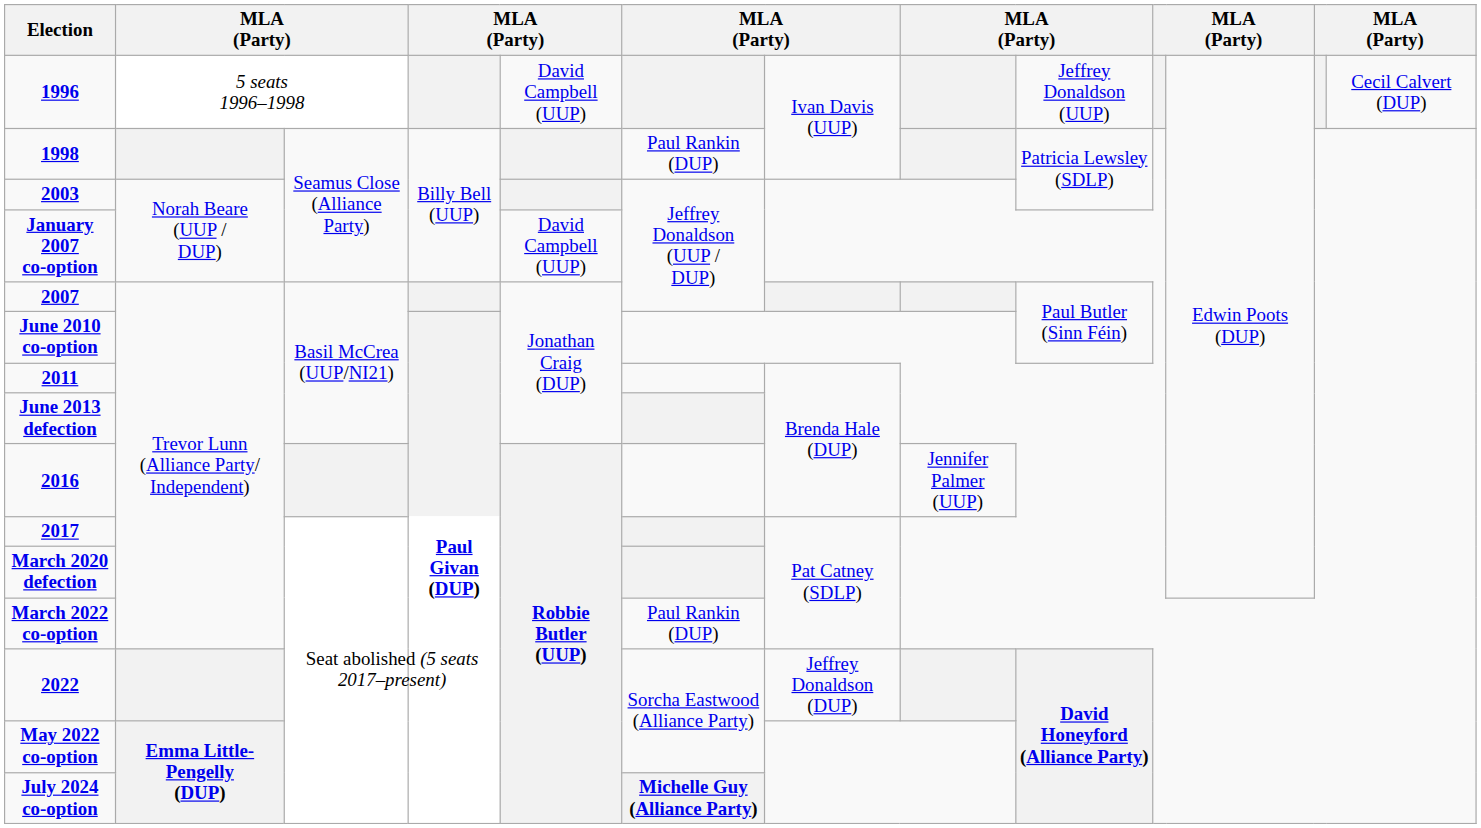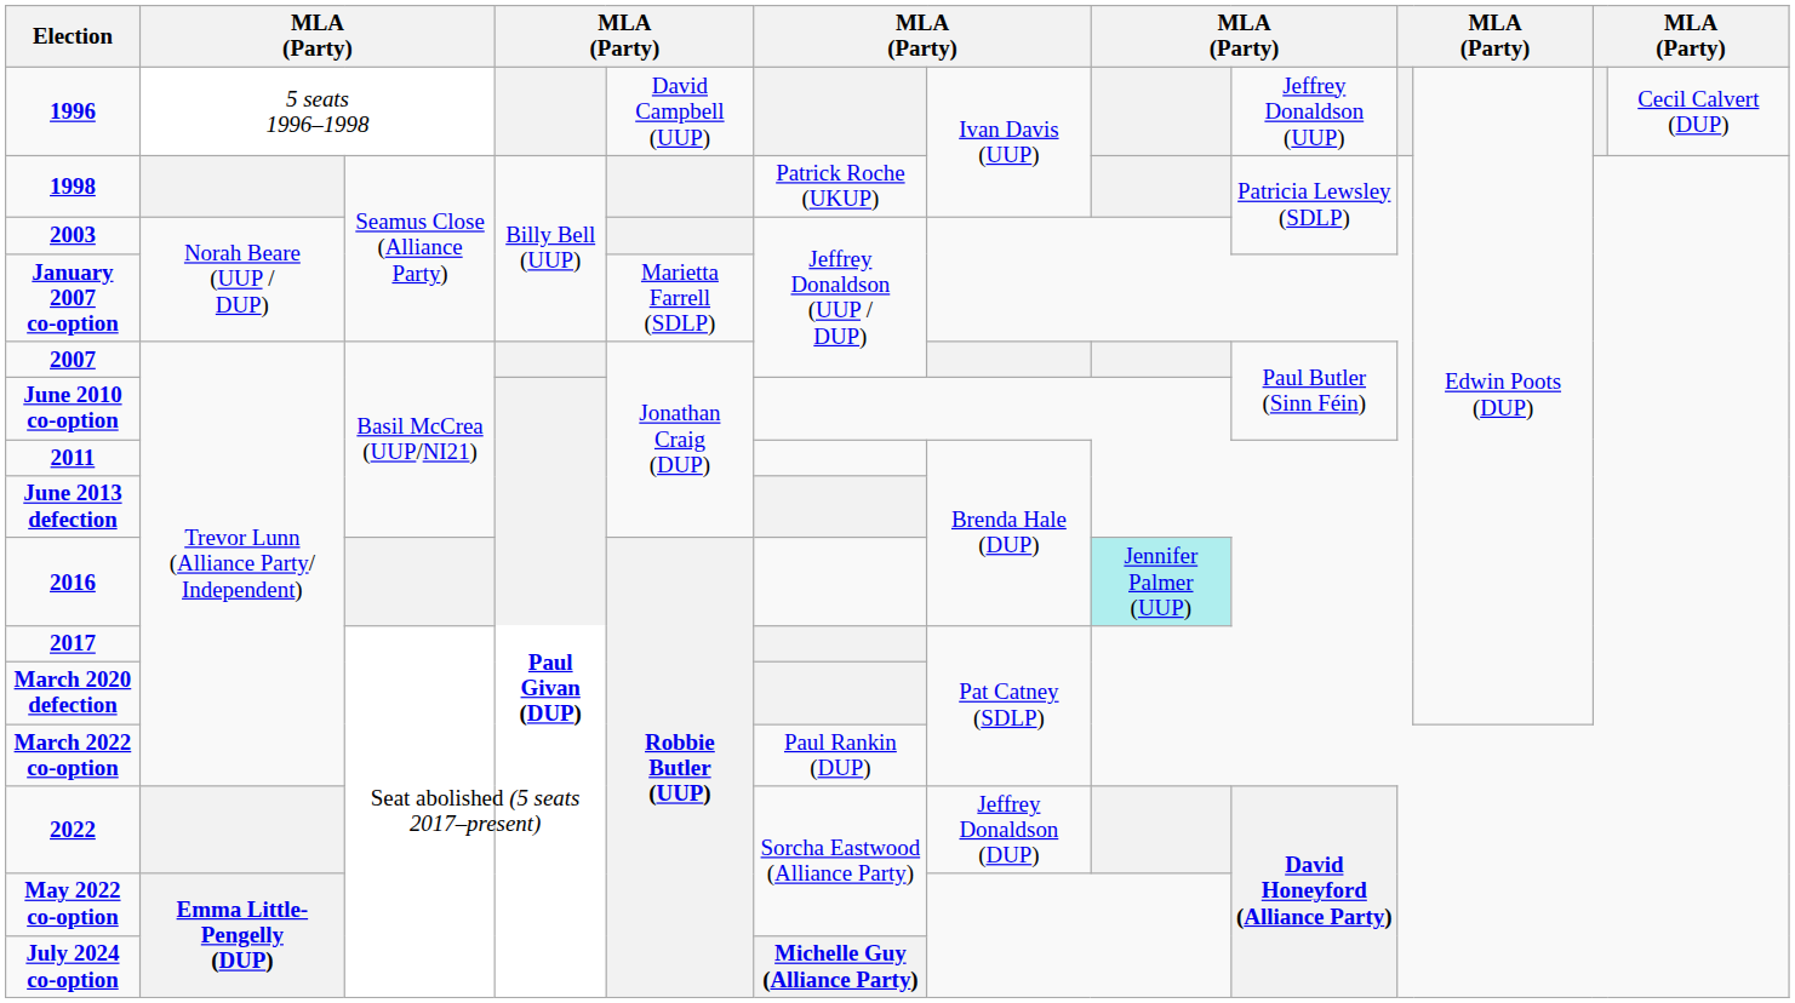 <table class="wikitable" style="text-align:center">
 <tr>
 <th>Election</th>
 <th scope="col" width="150" colspan = "2">MLA<br> (Party)</th>
 <th scope="col" width="150" colspan = "2">MLA<br> (Party)</th>
 <th scope="col" width="150" colspan = "2">MLA<br> (Party)</th>
 <th scope="col" width="150" colspan = "2">MLA<br> (Party)</th>
 <th scope="col" width="150" colspan = "2">MLA<br> (Party)</th>
 <th scope="col" width="150" colspan = "2">MLA<br> (Party)</th>
 </tr>
 <tr>
 <td><strong><a href='#'>1996</a></strong></td>
 <td style="background-color:#FFFFFF" colspan=2><em>5 seats<br>1996–1998</em></td>
 <th style="background-color: "></th>
 <td><a href='#'>David Campbell</a><br>(<a href='#'>UUP</a>)</td>
 <th style="background-color: "></th>
 <td rowspan=2><a href='#'>Ivan Davis</a><br>(<a href='#'>UUP</a>)</td>
 <th style="background-color: "></th>
 <td><a href='#'>Jeffrey Donaldson</a><br>(<a href='#'>UUP</a>)</td>
 <th style="background-color: "></th>
 <td rowspan=11><a href='#'>Edwin Poots</a><br>(<a href='#'>DUP</a>)</td>
 <th style="background-color: "></th>
 <td><a href='#'>Cecil Calvert</a><br>(<a href='#'>DUP</a>)</td>
 </tr>
 <tr>
 <td><strong><a href='#'>1998</a></strong></td>
 <th style="background-color: "></th>
 <td rowspan=3><a href='#'>Seamus Close</a><br>(<a href='#'>Alliance Party</a>)</td>
 <td rowspan=3><a href='#'>Billy Bell</a><br>(<a href='#'>UUP</a>)</td>
 <th style="background-color: "></th>
-<td><a href='#'>Paul Rankin</a> (<a href='#'>DUP</a>)</td>
+<td><a href='#'>Patrick Roche</a><br>(<a href='#'>UKUP</a>)</td>
 <th style="background-color: "></th>
 <td rowspan=2><a href='#'>Patricia Lewsley</a><br>(<a href='#'>SDLP</a>)</td>
 </tr>
 <tr>
 <td><strong><a href='#'>2003</a></strong></td>
 <td rowspan=2><a href='#'>Norah Beare</a><br>(<a href='#'>UUP</a> /<br><a href='#'>DUP</a>)</td>
 <th style="background-color: "></th>
 <td rowspan=3><a href='#'>Jeffrey Donaldson</a><br>(<a href='#'>UUP</a> /<br><a href='#'>DUP</a>)</td>
 </tr>
 <tr>
 <td><strong><a href='#'>January 2007<br>co-option</a></strong></td>
-<td><a href='#'>David Campbell</a><br>(<a href='#'>UUP</a>)</td>
+<td><a href='#'>Marietta Farrell</a><br>(<a href='#'>SDLP</a>)</td>
 </tr>
 <tr>
 <td><strong><a href='#'>2007</a></strong></td>
 <td rowspan=8><a href='#'>Trevor Lunn</a><br>(<a href='#'>Alliance Party</a>/<br><a href='#'>Independent</a>)</td>
 <td rowspan=4><a href='#'>Basil McCrea</a><br>(<a href='#'>UUP</a>/<a href='#'>NI21</a>)</td>
 <th style="background-color: "></th>
 <td rowspan=4><a href='#'>Jonathan Craig</a><br>(<a href='#'>DUP</a>)</td>
 <th style="background-color: "></th>
 <th style="background-color: "></th>
 <td rowspan=2><a href='#'>Paul Butler</a><br>(<a href='#'>Sinn Féin</a>)</td>
 </tr>
 <tr>
 <td><strong><a href='#'>June 2010<br>co-option</a></strong></td>
 <th rowspan="10"><a href='#'>Paul Givan</a><br>(<a href='#'>DUP</a>)</th>
 </tr>
 <tr>
 <td><strong><a href='#'>2011</a></strong></td>
 <td style="background-color: "></td>
 <td rowspan=3><a href='#'>Brenda Hale</a><br>(<a href='#'>DUP</a>)</td>
 </tr>
 <tr>
 <td><strong><a href='#'>June 2013<br>defection</a></strong></td>
 <th style="background-color: "></th>
 </tr>
 <tr>
 <td><strong><a href='#'>2016</a></strong></td>
 <th style="background-color: "></th>
 <th rowspan="7"><a href='#'>Robbie Butler</a><br>(<a href='#'>UUP</a>)</th>
 <td style="background-color: "></td>
-<td><a href='#'>Jennifer Palmer</a><br>(<a href='#'>UUP</a>)</td>
+<td style="background: paleturquoise;"><a href='#'>Jennifer Palmer</a><br>(<a href='#'>UUP</a>)</td>
 </tr>
 <tr>
 <td><strong><a href='#'>2017</a></strong></td>
 <td colspan="2" rowspan="6" style="background-color:#FFFFFF">Seat abolished <em>(5 seats<br>2017–present)</em></td>
 <th style="background-color: "></th>
 <td rowspan=3><a href='#'>Pat Catney</a><br>(<a href='#'>SDLP</a>)</td>
 </tr>
 <tr>
 <td><strong><a href='#'>March 2020<br>defection</a></strong></td>
 <th style="background-color: "></th>
 </tr>
 <tr>
 <td><strong><a href='#'>March 2022<br>co-option</a></strong></td>
 <td><a href='#'>Paul Rankin</a> (<a href='#'>DUP</a>)</td>
 </tr>
 <tr>
 <td><strong><a href='#'>2022</a></strong></td>
 <th style="background-color: "></th>
 <td rowspan="2"><a href='#'>Sorcha Eastwood</a><br>(<a href='#'>Alliance Party</a>)</td>
 <td><a href='#'>Jeffrey Donaldson</a><br>(<a href='#'>DUP</a>)</td>
 <th style="background-color: "></th>
 <th rowspan="3"><a href='#'>David Honeyford</a><br>(<a href='#'>Alliance Party</a>)</th>
 </tr>
 <tr>
 <td><strong><a href='#'>May 2022<br>co-option</a></strong></td>
 <th rowspan="2"><a href='#'>Emma Little-Pengelly</a><br>(<a href='#'>DUP</a>)</th>
 </tr>
 <tr>
 <td><strong><a href='#'>July 2024<br>co-option</a></strong></td>
 <th><a href='#'>Michelle Guy</a><br>(<a href='#'>Alliance Party</a>)</th>
 </tr>
 </table>
